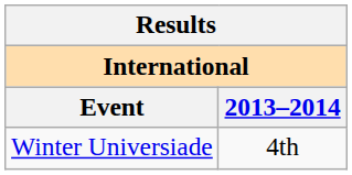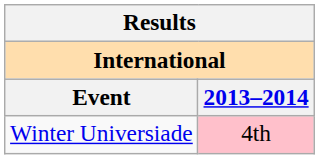 <table class="wikitable" style="text-align:center">
 <tr>
 <th colspan=2 align=center><strong>Results</strong></th>
 </tr>
 <tr>
 <th style="background-color: #ffdead; " colspan=2 align=center><strong>International</strong></th>
 </tr>
 <tr>
 <th>Event</th>
 <th><a href='#'>2013–2014</a></th>
 </tr>
 <tr>
 <td align=left><a href='#'>Winter Universiade</a></td>
-<td>4th</td>
+<td style="background: pink;">4th</td>
 </tr>
 </table>
